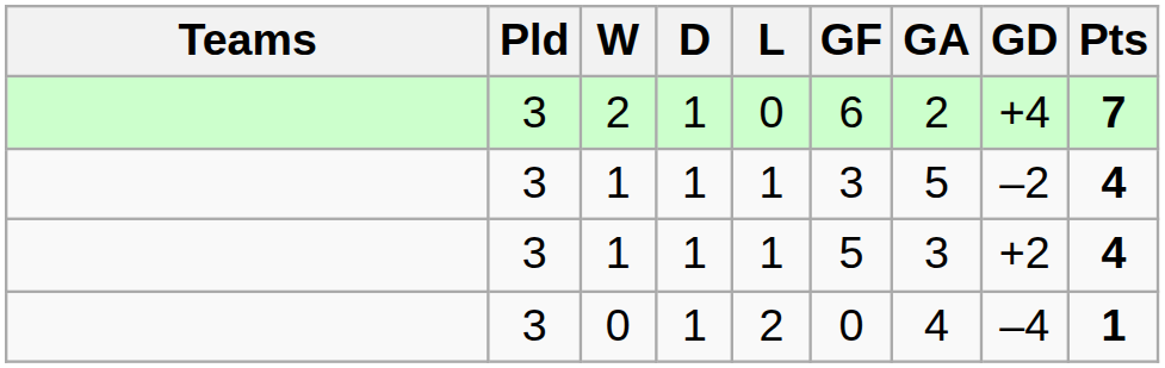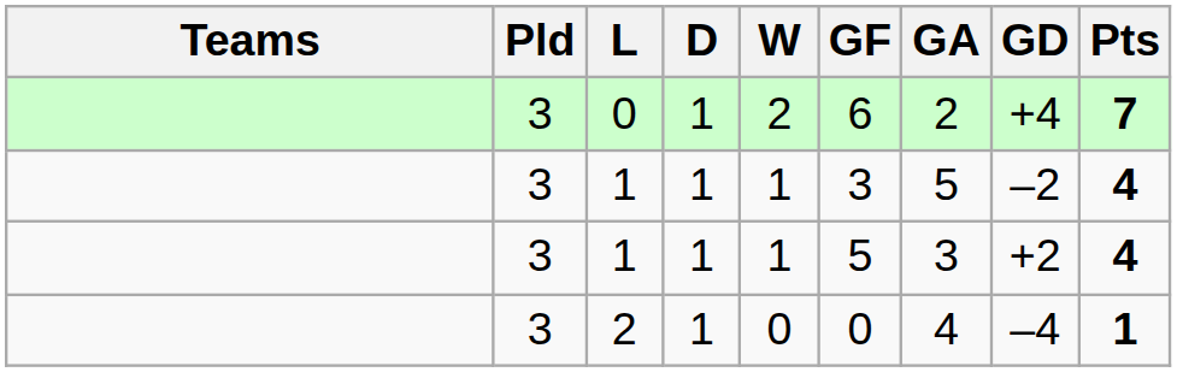 <table class="wikitable" style="text-align: center;">
 <tr>
 <th width=165>Teams</th>
 <th width=20>Pld</th>
+<th width=20>L</th>
+<th width=20>D</th>
 <th width=20>W</th>
-<th width=20>D</th>
-<th width=20>L</th>
 <th width=20>GF</th>
 <th width=20>GA</th>
 <th width=20>GD</th>
 <th width=20>Pts</th>
 </tr>
 <tr align=center style="background:#ccffcc;">
 <td style="text-align:left;"></td>
 <td>3</td>
+<td>0</td>
+<td>1</td>
 <td>2</td>
-<td>1</td>
-<td>0</td>
 <td>6</td>
 <td>2</td>
 <td>+4</td>
 <td><strong>7</strong></td>
 </tr>
 <tr align=center>
 <td style="text-align:left;"></td>
 <td>3</td>
 <td>1</td>
 <td>1</td>
 <td>1</td>
 <td>3</td>
 <td>5</td>
 <td>–2</td>
 <td><strong>4</strong></td>
 </tr>
 <tr align=center>
 <td style="text-align:left;"></td>
 <td>3</td>
 <td>1</td>
 <td>1</td>
 <td>1</td>
 <td>5</td>
 <td>3</td>
 <td>+2</td>
 <td><strong>4</strong></td>
 </tr>
 <tr align=center>
 <td style="text-align:left;"></td>
 <td>3</td>
+<td>2</td>
+<td>1</td>
 <td>0</td>
-<td>1</td>
-<td>2</td>
 <td>0</td>
 <td>4</td>
 <td>–4</td>
 <td><strong>1</strong></td>
 </tr>
 </table>
